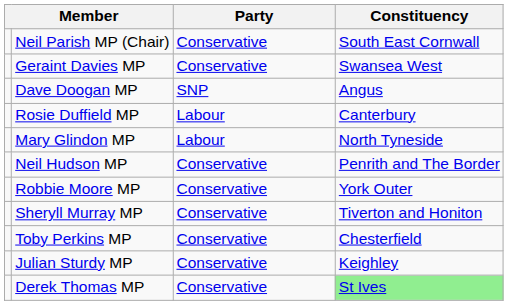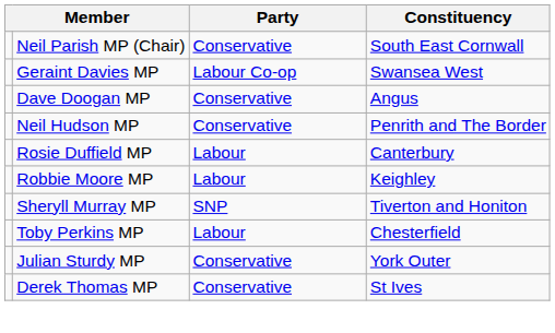 <table class="wikitable">
 <tr>
 <th colspan="2" width="160px" valign="top">Member</th>
 <th width="160px" valign="top">Party</th>
 <th valign="top">Constituency</th>
 </tr>
 <tr>
 <td></td>
 <td><a href='#'>Neil Parish</a> MP (Chair)</td>
 <td><a href='#'>Conservative</a></td>
 <td><a href='#'>South East Cornwall</a></td>
 </tr>
 <tr>
 <td style="color:inherit;background:"></td>
 <td><a href='#'>Geraint Davies</a> MP</td>
-<td><a href='#'>Conservative</a></td>
+<td><a href='#'>Labour Co-op</a></td>
 <td><a href='#'>Swansea West</a></td>
 </tr>
 <tr>
 <td style="color:inherit;background:"></td>
 <td><a href='#'>Dave Doogan</a> MP</td>
-<td><a href='#'>SNP</a></td>
+<td><a href='#'>Conservative</a></td>
 <td><a href='#'>Angus</a></td>
+</tr>
+<tr>
+<td style="color:inherit;background:"></td>
+<td><a href='#'>Neil Hudson</a> MP</td>
+<td><a href='#'>Conservative</a></td>
+<td><a href='#'>Penrith and The Border</a></td>
 </tr>
 <tr>
 <td style="color:inherit;background:"></td>
 <td><a href='#'>Rosie Duffield</a> MP</td>
 <td><a href='#'>Labour</a></td>
 <td><a href='#'>Canterbury</a></td>
 </tr>
 <tr>
 <td style="color:inherit;background:"></td>
-<td><a href='#'>Mary Glindon</a> MP</td>
+<td><a href='#'>Robbie Moore</a> MP</td>
 <td><a href='#'>Labour</a></td>
-<td><a href='#'>North Tyneside</a></td>
-</tr>
-<tr>
-<td style="color:inherit;background:"></td>
-<td><a href='#'>Neil Hudson</a> MP</td>
-<td><a href='#'>Conservative</a></td>
-<td><a href='#'>Penrith and The Border</a></td>
-</tr>
-<tr>
-<td style="color:inherit;background:"></td>
-<td><a href='#'>Robbie Moore</a> MP</td>
-<td><a href='#'>Conservative</a></td>
-<td><a href='#'>York Outer</a></td>
+<td><a href='#'>Keighley</a></td>
 </tr>
 <tr>
 <td style="color:inherit;background:"></td>
 <td><a href='#'>Sheryll Murray</a> MP</td>
-<td><a href='#'>Conservative</a></td>
+<td><a href='#'>SNP</a></td>
 <td><a href='#'>Tiverton and Honiton</a></td>
 </tr>
 <tr>
 <td style="color:inherit;background:"></td>
 <td><a href='#'>Toby Perkins</a> MP</td>
-<td><a href='#'>Conservative</a></td>
+<td><a href='#'>Labour</a></td>
 <td><a href='#'>Chesterfield</a></td>
 </tr>
 <tr>
 <td style="color:inherit;background:"></td>
 <td><a href='#'>Julian Sturdy</a> MP</td>
 <td><a href='#'>Conservative</a></td>
-<td><a href='#'>Keighley</a></td>
+<td><a href='#'>York Outer</a></td>
 </tr>
 <tr>
 <td style="color:inherit;background:"></td>
 <td><a href='#'>Derek Thomas</a> MP</td>
 <td><a href='#'>Conservative</a></td>
-<td style="background: lightgreen;"><a href='#'>St Ives</a></td>
+<td><a href='#'>St Ives</a></td>
 </tr>
 </table>
